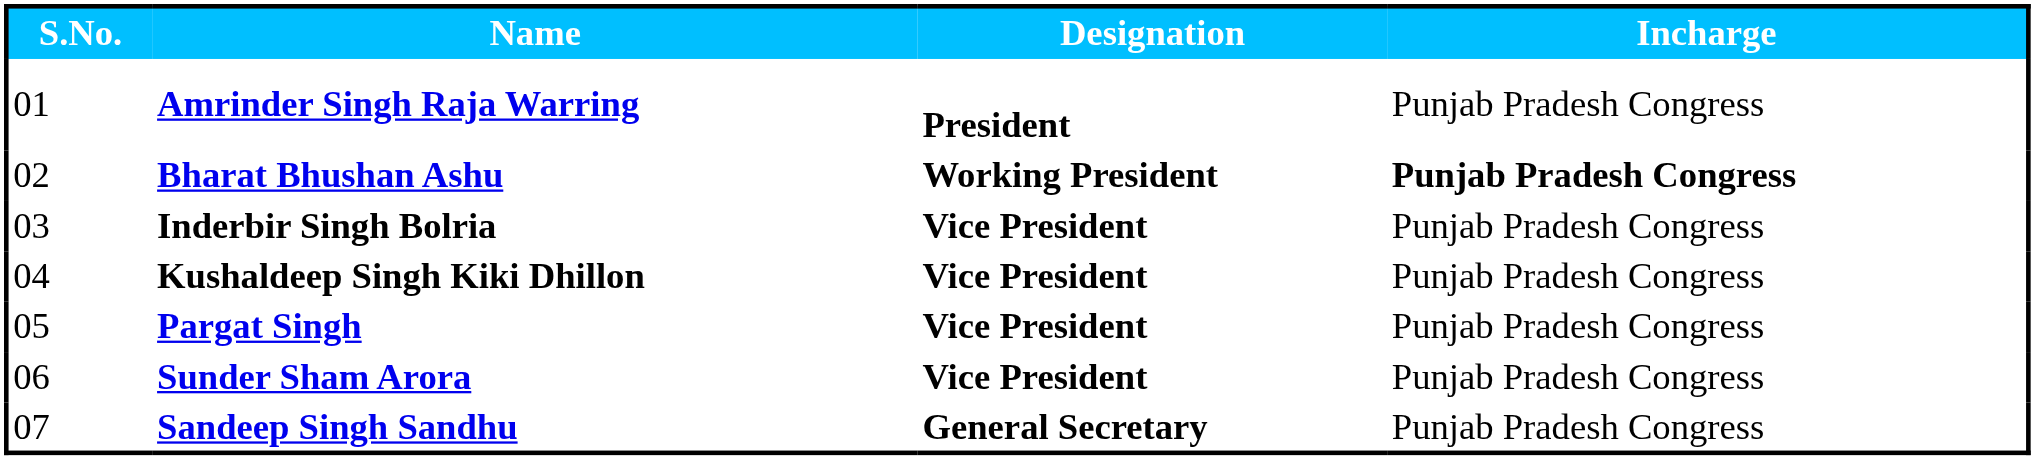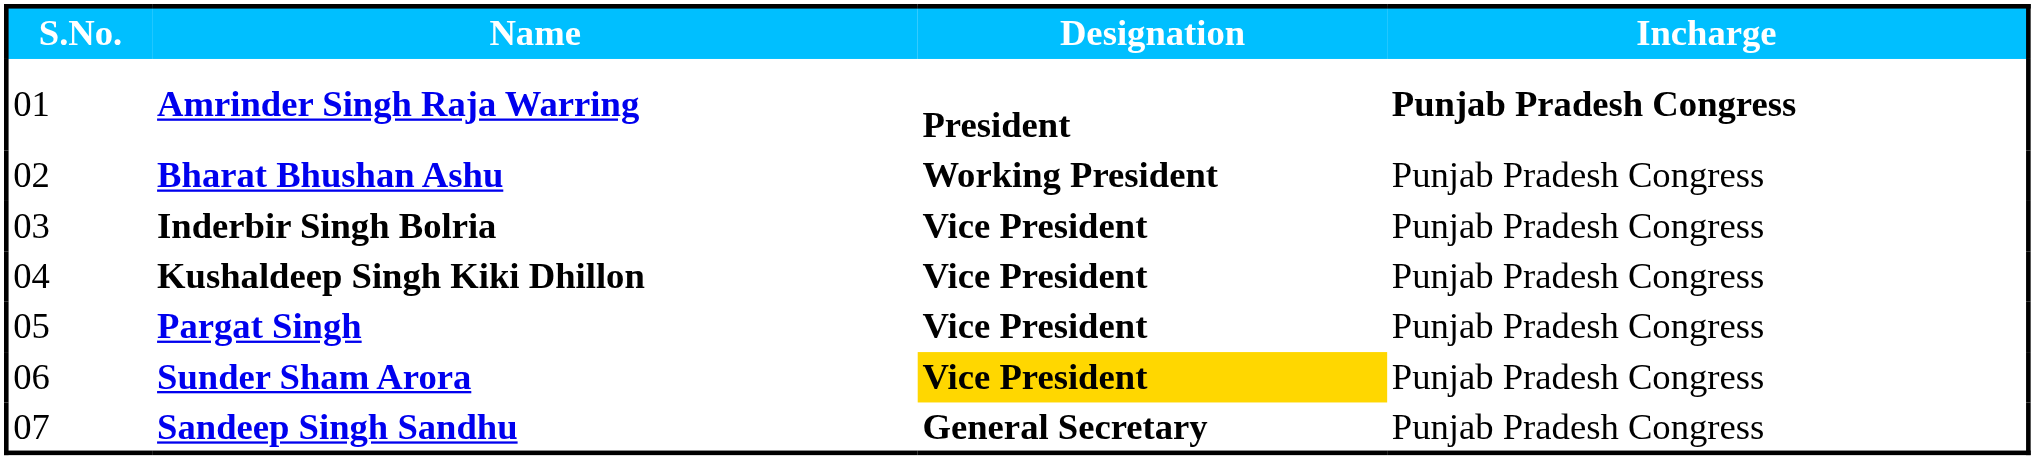 <table class="sortable" cellspacing="0" cellpadding="2" style="border-collapse: collapse; border: 2px #000000 solid; font-size: x-big; width:70%; border:1">
 <tr style="background-color:#00BFFF; color:white">
 <th>S.No.</th>
 <th>Name</th>
 <th>Designation</th>
 <th>Incharge</th>
 </tr>
 <tr>
 <td>01</td>
 <td><strong><a href='#'>Amrinder Singh Raja Warring</a></strong></td>
 <td><br><strong>President</strong></td>
-<td>Punjab Pradesh Congress</td>
+<td><strong>Punjab Pradesh Congress</strong></td>
 </tr>
 <tr>
 <td>02</td>
 <td><strong><a href='#'>Bharat Bhushan Ashu</a></strong></td>
 <td><strong>Working President</strong><br></td>
-<td><strong>Punjab Pradesh Congress</strong></td>
+<td>Punjab Pradesh Congress</td>
 </tr>
 <tr>
 <td>03</td>
 <td><strong>Inderbir Singh Bolria</strong></td>
 <td><strong>Vice President</strong><br></td>
 <td>Punjab Pradesh Congress</td>
 </tr>
 <tr>
 <td>04</td>
 <td><strong>Kushaldeep Singh Kiki Dhillon</strong></td>
 <td><strong>Vice President</strong><br></td>
 <td>Punjab Pradesh Congress</td>
 </tr>
 <tr>
 <td>05</td>
 <td><strong><a href='#'>Pargat Singh</a></strong></td>
 <td><strong>Vice President</strong><br></td>
 <td>Punjab Pradesh Congress</td>
 </tr>
 <tr>
 <td>06</td>
 <td><strong><a href='#'>Sunder Sham Arora</a></strong></td>
-<td><strong>Vice President</strong><br></td>
+<td style="background: gold;"><strong>Vice President</strong><br></td>
 <td>Punjab Pradesh Congress</td>
 </tr>
 <tr>
 <td>07</td>
 <td><strong><a href='#'>Sandeep Singh Sandhu</a></strong></td>
 <td><strong>General Secretary</strong><br></td>
 <td>Punjab Pradesh Congress</td>
 </tr>
 <tr>
 </tr>
 </table>
